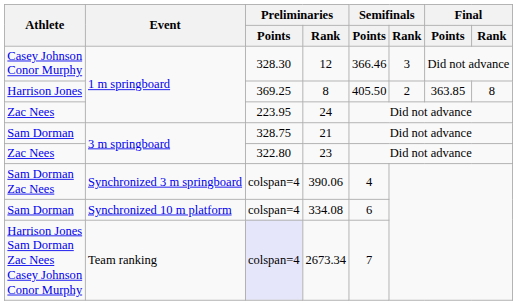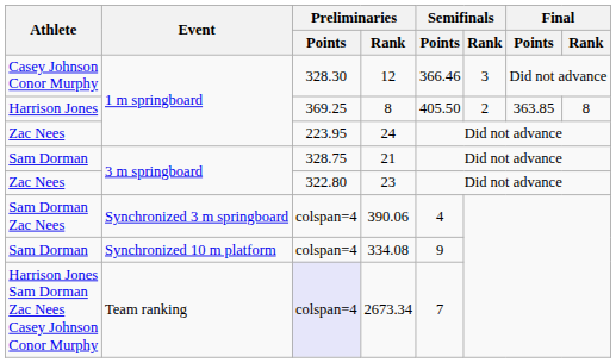 <table class="wikitable" style="font-size:90%;">
 <tr>
 <th rowspan=2>Athlete</th>
 <th rowspan=2>Event</th>
 <th colspan=2>Preliminaries</th>
 <th colspan=2>Semifinals</th>
 <th colspan=2>Final</th>
 </tr>
 <tr>
 <th>Points</th>
 <th>Rank</th>
 <th>Points</th>
 <th>Rank</th>
 <th>Points</th>
 <th>Rank</th>
 </tr>
 <tr align=center>
 <td align=left><a href='#'>Casey Johnson</a> <br> <a href='#'>Conor Murphy</a></td>
 <td align=left rowspan=3><a href='#'>1 m springboard</a></td>
 <td>328.30</td>
 <td>12</td>
 <td>366.46</td>
 <td>3</td>
 <td colspan=2 align=center>Did not advance</td>
 </tr>
 <tr align=center>
 <td align=left><a href='#'>Harrison Jones</a></td>
 <td>369.25</td>
 <td>8</td>
 <td>405.50</td>
 <td>2</td>
 <td>363.85</td>
 <td>8</td>
 </tr>
 <tr align=center>
 <td align=left><a href='#'>Zac Nees</a></td>
 <td>223.95</td>
 <td>24</td>
 <td colspan=4 align=center>Did not advance</td>
 </tr>
 <tr align=center>
 <td align=left><a href='#'>Sam Dorman</a></td>
 <td align=left rowspan=2><a href='#'>3 m springboard</a></td>
 <td>328.75</td>
 <td>21</td>
 <td colspan=4 align=center>Did not advance</td>
 </tr>
 <tr align=center>
 <td align=left><a href='#'>Zac Nees</a></td>
 <td>322.80</td>
 <td>23</td>
 <td colspan=4 align=center>Did not advance</td>
 </tr>
 <tr align=center>
 <td align=left><a href='#'>Sam Dorman</a> <br> <a href='#'>Zac Nees</a></td>
 <td align=left><a href='#'>Synchronized 3 m springboard</a></td>
 <td>colspan=4 </td>
 <td>390.06</td>
 <td>4</td>
 </tr>
 <tr align=center>
 <td align=left><a href='#'>Sam Dorman</a></td>
 <td align=left><a href='#'>Synchronized 10 m platform</a></td>
 <td>colspan=4 </td>
 <td>334.08</td>
-<td>6</td>
+<td>9</td>
 </tr>
 <tr align=center>
 <td align=left><a href='#'>Harrison Jones</a> <br> <a href='#'>Sam Dorman</a> <br> <a href='#'>Zac Nees</a> <br> <a href='#'>Casey Johnson</a> <br> <a href='#'>Conor Murphy</a></td>
 <td align=left>Team ranking</td>
 <td style="background: lavender;">colspan=4 </td>
 <td>2673.34</td>
 <td>7</td>
 </tr>
 </table>
